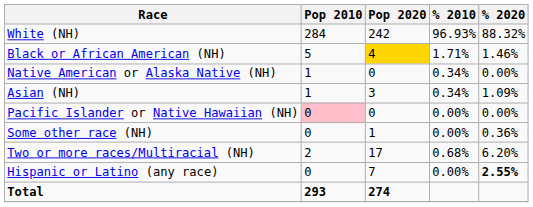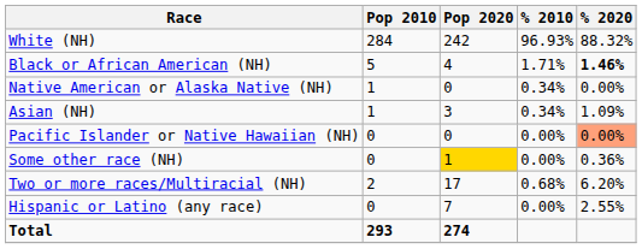 <table class="wikitable">
 <tr>
 <th>Race</th>
 <th>Pop 2010</th>
 <th>Pop 2020</th>
 <th>% 2010</th>
 <th>% 2020</th>
 </tr>
 <tr>
 <td><a href='#'>White</a> (NH)</td>
 <td>284</td>
 <td>242</td>
 <td>96.93%</td>
 <td>88.32%</td>
 </tr>
 <tr>
 <td><a href='#'>Black or African American</a> (NH)</td>
 <td>5</td>
-<td style="background: gold;">4</td>
+<td>4</td>
 <td>1.71%</td>
-<td>1.46%</td>
+<td><strong>1.46%</strong></td>
 </tr>
 <tr>
 <td><a href='#'>Native American</a> or <a href='#'>Alaska Native</a> (NH)</td>
 <td>1</td>
 <td>0</td>
 <td>0.34%</td>
 <td>0.00%</td>
 </tr>
 <tr>
 <td><a href='#'>Asian</a> (NH)</td>
 <td>1</td>
 <td>3</td>
 <td>0.34%</td>
 <td>1.09%</td>
 </tr>
 <tr>
 <td><a href='#'>Pacific Islander</a> or <a href='#'>Native Hawaiian</a> (NH)</td>
-<td style="background: pink;">0</td>
+<td>0</td>
 <td>0</td>
 <td>0.00%</td>
-<td>0.00%</td>
+<td style="background: lightsalmon;">0.00%</td>
 </tr>
 <tr>
 <td><a href='#'>Some other race</a> (NH)</td>
 <td>0</td>
-<td>1</td>
+<td style="background: gold;">1</td>
 <td>0.00%</td>
 <td>0.36%</td>
 </tr>
 <tr>
 <td><a href='#'>Two or more races/Multiracial</a> (NH)</td>
 <td>2</td>
 <td>17</td>
 <td>0.68%</td>
 <td>6.20%</td>
 </tr>
 <tr>
 <td><a href='#'>Hispanic or Latino</a> (any race)</td>
 <td>0</td>
 <td>7</td>
 <td>0.00%</td>
-<td><strong>2.55%</strong></td>
+<td>2.55%</td>
 </tr>
 <tr>
 <td><strong>Total</strong></td>
 <td><strong>293</strong></td>
 <td><strong>274</strong></td>
 <td></td>
 <td></td>
 </tr>
 <tr>
 </tr>
 </table>
